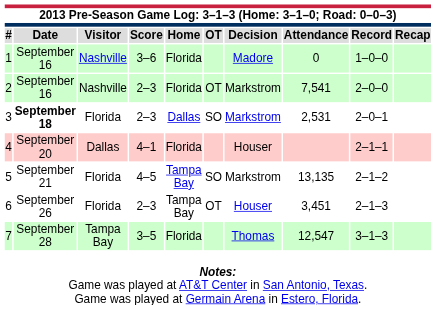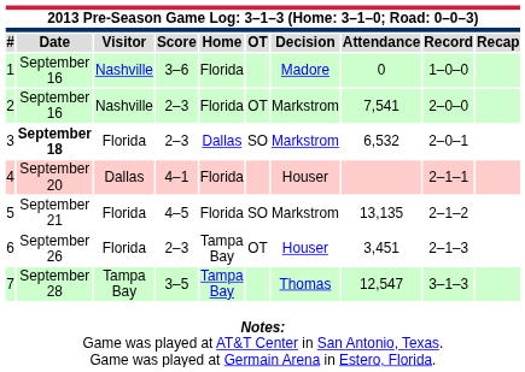 <table class="toccolours collapsible collapsed"  style="width:90%; clear:both; margin:1.5em auto; text-align:center;">
 <tr>
 <th colspan=11 style="background:#fff; border-top:#C8213F 5px solid; border-bottom:#002E5F 5px solid;">2013 Pre-Season Game Log: 3–1–3 (Home: 3–1–0; Road: 0–0–3)</th>
 </tr>
 <tr style="text-align:center; background:#ddd;">
 <th>#</th>
 <th>Date</th>
 <th>Visitor</th>
 <th>Score</th>
 <th>Home</th>
 <th>OT</th>
 <th>Decision</th>
 <th>Attendance</th>
 <th>Record</th>
 <th>Recap</th>
 </tr>
 <tr style="text-align:center; background:#cfc;">
 <td>1</td>
 <td>September 16</td>
 <td><a href='#'>Nashville</a></td>
 <td>3–6</td>
 <td>Florida</td>
 <td></td>
 <td><a href='#'>Madore</a></td>
 <td>0</td>
 <td>1–0–0</td>
 <td></td>
 </tr>
 <tr style="text-align:center; background:#cfc;">
 <td>2</td>
 <td>September 16</td>
 <td>Nashville</td>
 <td>2–3</td>
 <td>Florida</td>
 <td>OT</td>
 <td>Markstrom</td>
 <td>7,541</td>
 <td>2–0–0</td>
 <td></td>
 </tr>
 <tr style="text-align:center; background:#fff;">
 <td>3</td>
 <td><strong>September 18</strong></td>
 <td>Florida</td>
 <td>2–3</td>
 <td><a href='#'>Dallas</a></td>
 <td>SO</td>
 <td><a href='#'>Markstrom</a></td>
-<td>2,531</td>
+<td>6,532</td>
 <td>2–0–1</td>
 <td></td>
 </tr>
 <tr style="text-align:center; background:#fcc;">
 <td>4</td>
 <td>September 20</td>
 <td>Dallas</td>
 <td>4–1</td>
 <td>Florida</td>
 <td></td>
 <td>Houser</td>
 <td></td>
 <td>2–1–1</td>
 <td></td>
 </tr>
 <tr style="text-align:center; background:#fff;">
 <td>5</td>
 <td>September 21</td>
 <td>Florida</td>
 <td>4–5</td>
-<td><a href='#'>Tampa Bay</a></td>
+<td>Florida</td>
 <td>SO</td>
 <td>Markstrom</td>
 <td>13,135</td>
 <td>2–1–2</td>
 <td></td>
 </tr>
 <tr style="text-align:center; background:#fff;">
 <td>6</td>
 <td>September 26</td>
 <td>Florida</td>
 <td>2–3</td>
 <td>Tampa Bay</td>
 <td>OT</td>
 <td><a href='#'>Houser</a></td>
 <td>3,451</td>
 <td>2–1–3</td>
 <td></td>
 </tr>
 <tr style="text-align:center; background:#cfc;">
 <td>7</td>
 <td>September 28</td>
 <td>Tampa Bay</td>
 <td>3–5</td>
-<td>Florida</td>
+<td><a href='#'>Tampa Bay</a></td>
 <td></td>
 <td><a href='#'>Thomas</a></td>
 <td>12,547</td>
 <td>3–1–3</td>
 <td></td>
 </tr>
 <tr>
 <td colspan="11" style="text-align:center;"><br><strong><em>Notes:</em></strong><br> Game was played at <a href='#'>AT&T Center</a> in <a href='#'>San Antonio, Texas</a>.<br> Game was played at <a href='#'>Germain Arena</a> in <a href='#'>Estero, Florida</a>.</td>
 </tr>
 </table>
